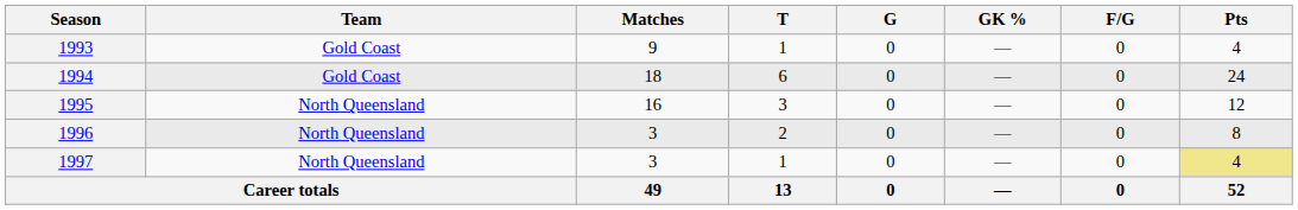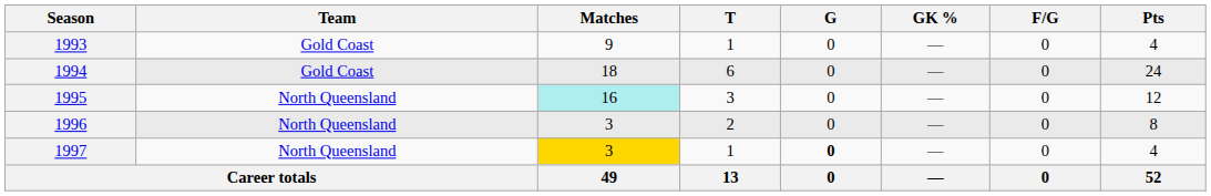 <table class="wikitable sortable"  style="font-size:90%; text-align:center; width:85%;">
 <tr>
 <th width=2%>Season</th>
 <th width=8%>Team</th>
 <th width=2%>Matches</th>
 <th width=2%>T</th>
 <th width=2%>G</th>
 <th width=2%>GK %</th>
 <th width=2%>F/G</th>
 <th width=2%>Pts</th>
 </tr>
 <tr>
 <th scope="row" style="text-align:center; font-weight:normal"><a href='#'>1993</a></th>
 <td style="text-align:center;"> <a href='#'>Gold Coast</a></td>
 <td>9</td>
 <td>1</td>
 <td>0</td>
 <td>—</td>
 <td>0</td>
 <td>4</td>
 </tr>
 <tr style="background-color: #EAEAEA">
 <th scope="row" style="text-align:center; font-weight:normal"><a href='#'>1994</a></th>
 <td style="text-align:center;"> <a href='#'>Gold Coast</a></td>
 <td>18</td>
 <td>6</td>
 <td>0</td>
 <td>—</td>
 <td>0</td>
 <td>24</td>
 </tr>
 <tr>
 <th scope="row" style="text-align:center; font-weight:normal"><a href='#'>1995</a></th>
 <td style="text-align:center;"> <a href='#'>North Queensland</a></td>
-<td>16</td>
+<td style="background: paleturquoise;">16</td>
 <td>3</td>
 <td>0</td>
 <td>—</td>
 <td>0</td>
 <td>12</td>
 </tr>
 <tr style="background-color: #EAEAEA">
 <th scope="row" style="text-align:center; font-weight:normal"><a href='#'>1996</a></th>
 <td style="text-align:center;"> <a href='#'>North Queensland</a></td>
 <td>3</td>
 <td>2</td>
 <td>0</td>
 <td>—</td>
 <td>0</td>
 <td>8</td>
 </tr>
 <tr>
 <th scope="row" style="text-align:center; font-weight:normal"><a href='#'>1997</a></th>
 <td style="text-align:center;"> <a href='#'>North Queensland</a></td>
-<td>3</td>
+<td style="background: gold;">3</td>
 <td>1</td>
-<td>0</td>
+<td><strong>0</strong></td>
 <td>—</td>
 <td>0</td>
-<td style="background: khaki;">4</td>
+<td>4</td>
 </tr>
 <tr class="sortbottom">
 <th colspan=2>Career totals</th>
 <th>49</th>
 <th>13</th>
 <th>0</th>
 <th>—</th>
 <th>0</th>
 <th>52</th>
 </tr>
 </table>
